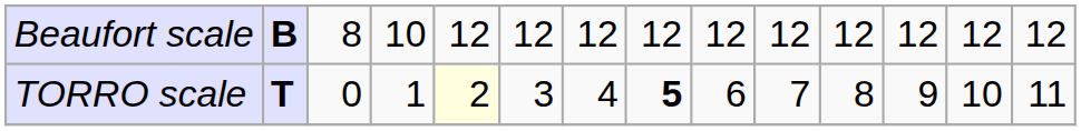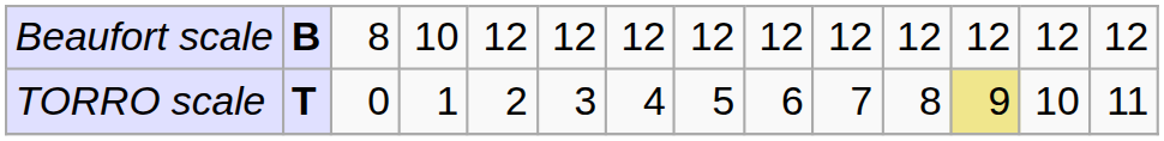 <table class="wikitable">
 <tr>
 <td style="background: #E0E0FF"><em>Beaufort scale</em></td>
 <td style="background: #E0E0FF"><strong>B</strong></td>
 <td width="20" style="text-align:right">8</td>
 <td width="20" style="text-align:right">10</td>
 <td width="20" style="text-align:right">12</td>
 <td width="20" style="text-align:right">12</td>
 <td width="20" style="text-align:right">12</td>
 <td width="20" style="text-align:right">12</td>
 <td width="20" style="text-align:right">12</td>
 <td width="20" style="text-align:right">12</td>
 <td width="20" style="text-align:right">12</td>
 <td width="20" style="text-align:right">12</td>
 <td width="20" style="text-align:right">12</td>
 <td width="20" style="text-align:right">12</td>
 </tr>
 <tr>
 <td style="background: #E0E0FF"><em>TORRO scale</em></td>
 <td style="background: #E0E0FF"><strong>T</strong></td>
 <td width="20" style="text-align:right">0</td>
 <td width="20" style="text-align:right">1</td>
-<td width="20" style="background: lightyellow; text-align:right">2</td>
+<td width="20" style="text-align:right">2</td>
 <td width="20" style="text-align:right">3</td>
 <td width="20" style="text-align:right">4</td>
-<td width="20" style="text-align:right"><strong>5</strong></td>
+<td width="20" style="text-align:right">5</td>
 <td width="20" style="text-align:right">6</td>
 <td width="20" style="text-align:right">7</td>
 <td width="20" style="text-align:right">8</td>
-<td width="20" style="text-align:right">9</td>
+<td width="20" style="background: khaki; text-align:right">9</td>
 <td width="20" style="text-align:right">10</td>
 <td width="20" style="text-align:right">11</td>
 </tr>
 <tr>
 </tr>
 </table>
